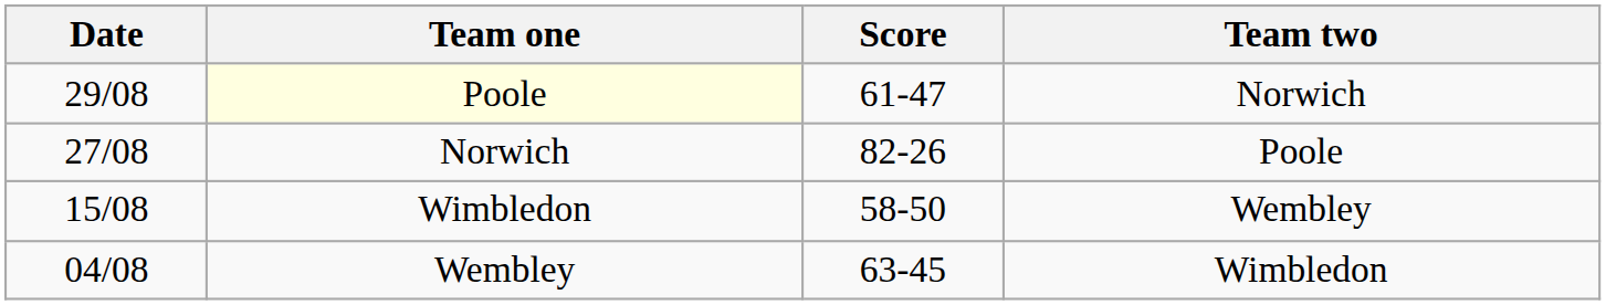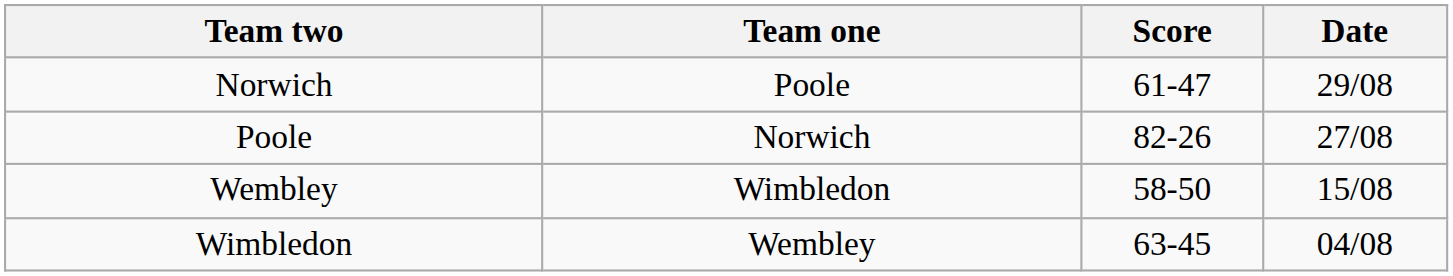 <table class="wikitable" style="text-align: center">
 <tr>
-<th width=80>Date</th>
+<th width=250>Team two</th>
 <th width=250>Team one</th>
 <th width=80>Score</th>
-<th width=250>Team two</th>
+<th width=80>Date</th>
 </tr>
 <tr>
+<td>Norwich</td>
+<td>Poole</td>
+<td>61-47</td>
 <td>29/08</td>
-<td style="background: lightyellow;">Poole</td>
-<td>61-47</td>
-<td>Norwich</td>
 </tr>
 <tr>
-<td>27/08</td>
+<td>Poole</td>
 <td>Norwich</td>
 <td>82-26</td>
-<td>Poole</td>
+<td>27/08</td>
 </tr>
 <tr>
-<td>15/08</td>
+<td>Wembley</td>
 <td>Wimbledon</td>
 <td>58-50</td>
-<td>Wembley</td>
+<td>15/08</td>
 </tr>
 <tr>
-<td>04/08</td>
+<td>Wimbledon</td>
 <td>Wembley</td>
 <td>63-45</td>
-<td>Wimbledon</td>
+<td>04/08</td>
 </tr>
 </table>
